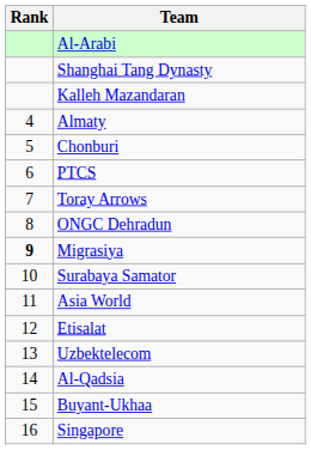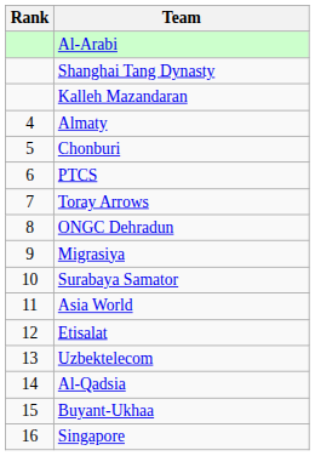 <table class="wikitable" style="text-align: center;">
 <tr>
 <th width=40>Rank</th>
 <th width=240>Team</th>
 </tr>
 <tr bgcolor=#CCFFCC>
 <td></td>
 <td align="left"> <a href='#'>Al-Arabi</a></td>
 </tr>
 <tr>
 <td></td>
 <td align="left"> <a href='#'>Shanghai Tang Dynasty</a></td>
 </tr>
 <tr>
 <td></td>
 <td align="left"> <a href='#'>Kalleh Mazandaran</a></td>
 </tr>
 <tr>
 <td>4</td>
 <td align="left"> <a href='#'>Almaty</a></td>
 </tr>
 <tr>
 <td>5</td>
 <td align="left"> <a href='#'>Chonburi</a></td>
 </tr>
 <tr>
 <td>6</td>
 <td align="left"> <a href='#'>PTCS</a></td>
 </tr>
 <tr>
 <td>7</td>
 <td align="left"> <a href='#'>Toray Arrows</a></td>
 </tr>
 <tr>
 <td>8</td>
 <td align="left"> <a href='#'>ONGC Dehradun</a></td>
 </tr>
 <tr>
-<td><strong>9</strong></td>
+<td>9</td>
 <td align="left"> <a href='#'>Migrasiya</a></td>
 </tr>
 <tr>
 <td>10</td>
 <td align="left"> <a href='#'>Surabaya Samator</a></td>
 </tr>
 <tr>
 <td>11</td>
 <td align="left"> <a href='#'>Asia World</a></td>
 </tr>
 <tr>
 <td>12</td>
 <td align="left"> <a href='#'>Etisalat</a></td>
 </tr>
 <tr>
 <td>13</td>
 <td align="left"> <a href='#'>Uzbektelecom</a></td>
 </tr>
 <tr>
 <td>14</td>
 <td align="left"> <a href='#'>Al-Qadsia</a></td>
 </tr>
 <tr>
 <td>15</td>
 <td align="left"> <a href='#'>Buyant-Ukhaa</a></td>
 </tr>
 <tr>
 <td>16</td>
 <td align="left"> <a href='#'>Singapore</a></td>
 </tr>
 </table>
